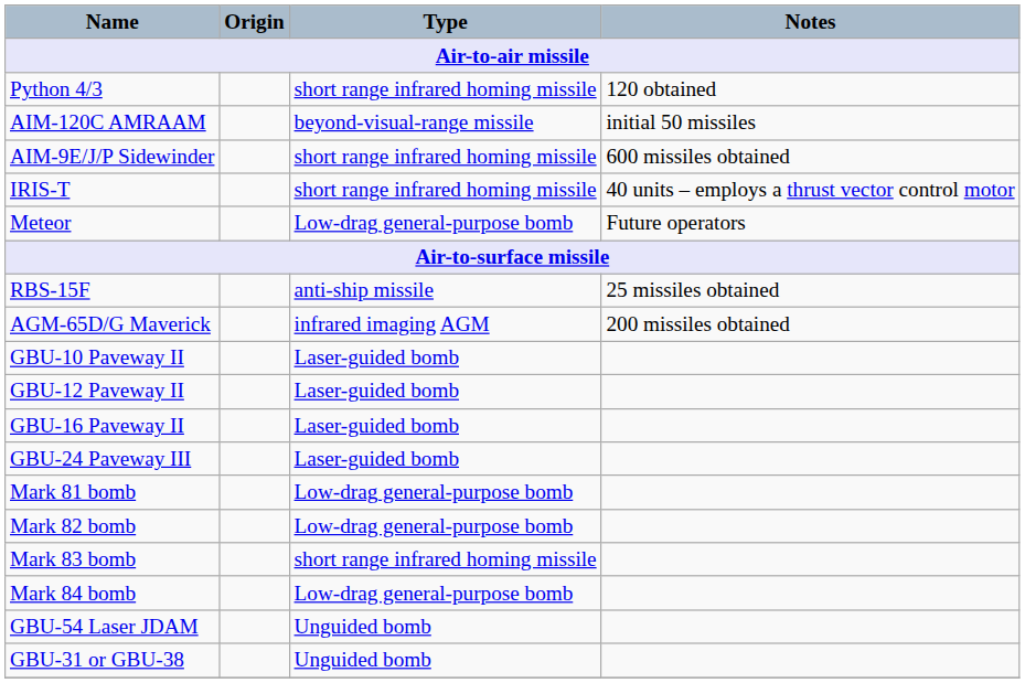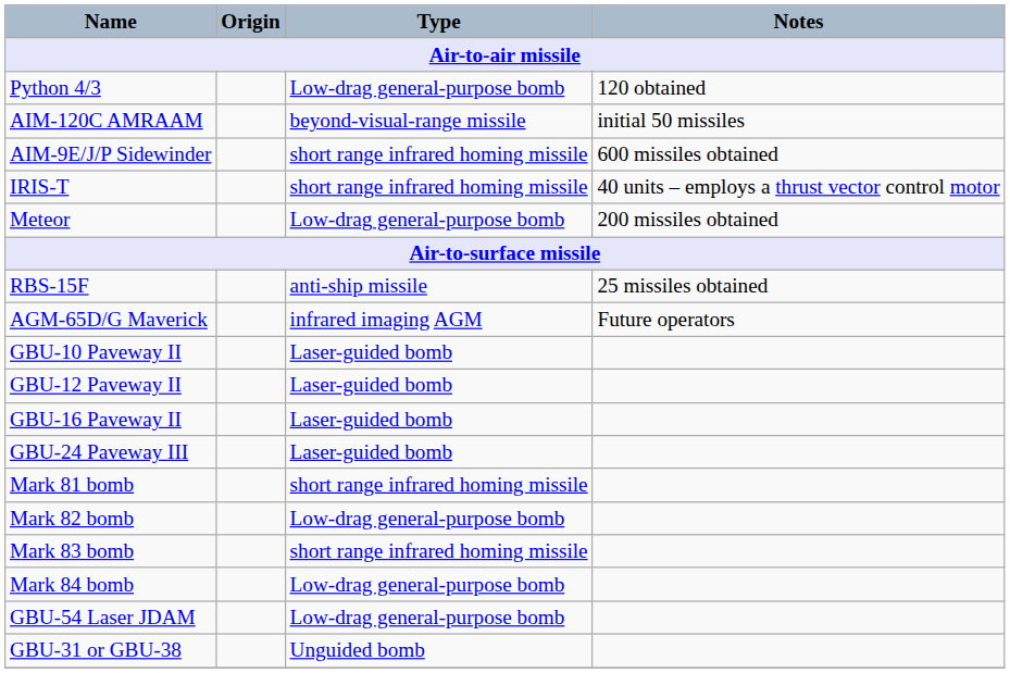 <table class="wikitable">
 <tr>
 <th style="text-align:center; background:#aabccc;">Name</th>
 <th style="text-align: center; background:#aabccc;">Origin</th>
 <th style="text-align:l center; background:#aabccc;">Type</th>
 <th style="text-align: center; background:#aabccc;">Notes</th>
 </tr>
 <tr>
 <th style="align: center; background: lavender;" colspan="7"><a href='#'>Air-to-air missile</a></th>
 </tr>
 <tr>
 <td><a href='#'>Python 4/3</a></td>
 <td></td>
-<td><a href='#'>short range infrared homing missile</a></td>
+<td><a href='#'>Low-drag general-purpose bomb</a></td>
 <td>120 obtained</td>
 </tr>
 <tr>
 <td><a href='#'>AIM-120C AMRAAM</a></td>
 <td></td>
 <td><a href='#'>beyond-visual-range missile</a></td>
 <td>initial 50 missiles</td>
 </tr>
 <tr>
 <td><a href='#'>AIM-9E/J/P Sidewinder</a></td>
 <td></td>
 <td><a href='#'>short range infrared homing missile</a></td>
 <td>600 missiles obtained</td>
 </tr>
 <tr>
 <td><a href='#'>IRIS-T</a></td>
 <td></td>
 <td><a href='#'>short range infrared homing missile</a></td>
 <td>40 units – employs a <a href='#'>thrust vector</a> control <a href='#'>motor</a></td>
 </tr>
 <tr>
 <td><a href='#'>Meteor</a></td>
 <td></td>
 <td><a href='#'>Low-drag general-purpose bomb</a></td>
-<td>Future operators</td>
+<td>200 missiles obtained</td>
 </tr>
 <tr>
 <th style="align: center; background: lavender;" colspan="7"><a href='#'>Air-to-surface missile</a></th>
 </tr>
 <tr>
 <td><a href='#'>RBS-15F</a></td>
 <td></td>
 <td><a href='#'>anti-ship missile</a></td>
 <td>25 missiles obtained</td>
 </tr>
 <tr>
 <td><a href='#'>AGM-65D/G Maverick</a></td>
 <td></td>
 <td><a href='#'>infrared imaging</a> <a href='#'>AGM</a></td>
-<td>200 missiles obtained</td>
+<td>Future operators</td>
 </tr>
 <tr>
 <td><a href='#'>GBU-10 Paveway II</a></td>
 <td></td>
 <td><a href='#'>Laser-guided bomb</a></td>
 <td></td>
 </tr>
 <tr>
 <td><a href='#'>GBU-12 Paveway II</a></td>
 <td></td>
 <td><a href='#'>Laser-guided bomb</a></td>
 <td></td>
 </tr>
 <tr>
 <td><a href='#'>GBU-16 Paveway II</a></td>
 <td></td>
 <td><a href='#'>Laser-guided bomb</a></td>
 <td></td>
 </tr>
 <tr>
 <td><a href='#'>GBU-24 Paveway III</a></td>
 <td></td>
 <td><a href='#'>Laser-guided bomb</a></td>
 <td></td>
 </tr>
 <tr>
 <td><a href='#'>Mark 81 bomb</a></td>
 <td></td>
-<td><a href='#'>Low-drag general-purpose bomb</a></td>
+<td><a href='#'>short range infrared homing missile</a></td>
 <td></td>
 </tr>
 <tr>
 <td><a href='#'>Mark 82 bomb</a></td>
 <td></td>
 <td><a href='#'>Low-drag general-purpose bomb</a></td>
 <td></td>
 </tr>
 <tr>
 <td><a href='#'>Mark 83 bomb</a></td>
 <td></td>
 <td><a href='#'>short range infrared homing missile</a></td>
 <td></td>
 </tr>
 <tr>
 <td><a href='#'>Mark 84 bomb</a></td>
 <td></td>
 <td><a href='#'>Low-drag general-purpose bomb</a></td>
 <td></td>
 </tr>
 <tr>
 <td><a href='#'>GBU-54 Laser JDAM</a></td>
 <td></td>
-<td><a href='#'>Unguided bomb</a></td>
+<td><a href='#'>Low-drag general-purpose bomb</a></td>
 <td></td>
 </tr>
 <tr>
 <td><a href='#'>GBU-31 or GBU-38</a></td>
 <td></td>
 <td><a href='#'>Unguided bomb</a></td>
 <td></td>
 </tr>
 <tr>
 </tr>
 </table>
